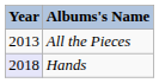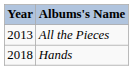 <table class="wikitable sortable">
 <tr>
 <th style="background:#B0C4DE;">Year</th>
 <th style="background:#B0C4DE;">Albums's Name</th>
 </tr>
 <tr>
 <td>2013</td>
 <td><em>All the Pieces</em></td>
 </tr>
 <tr>
-<td style="background: lavender;">2018</td>
+<td>2018</td>
 <td><em>Hands</em></td>
 </tr>
 </table>
